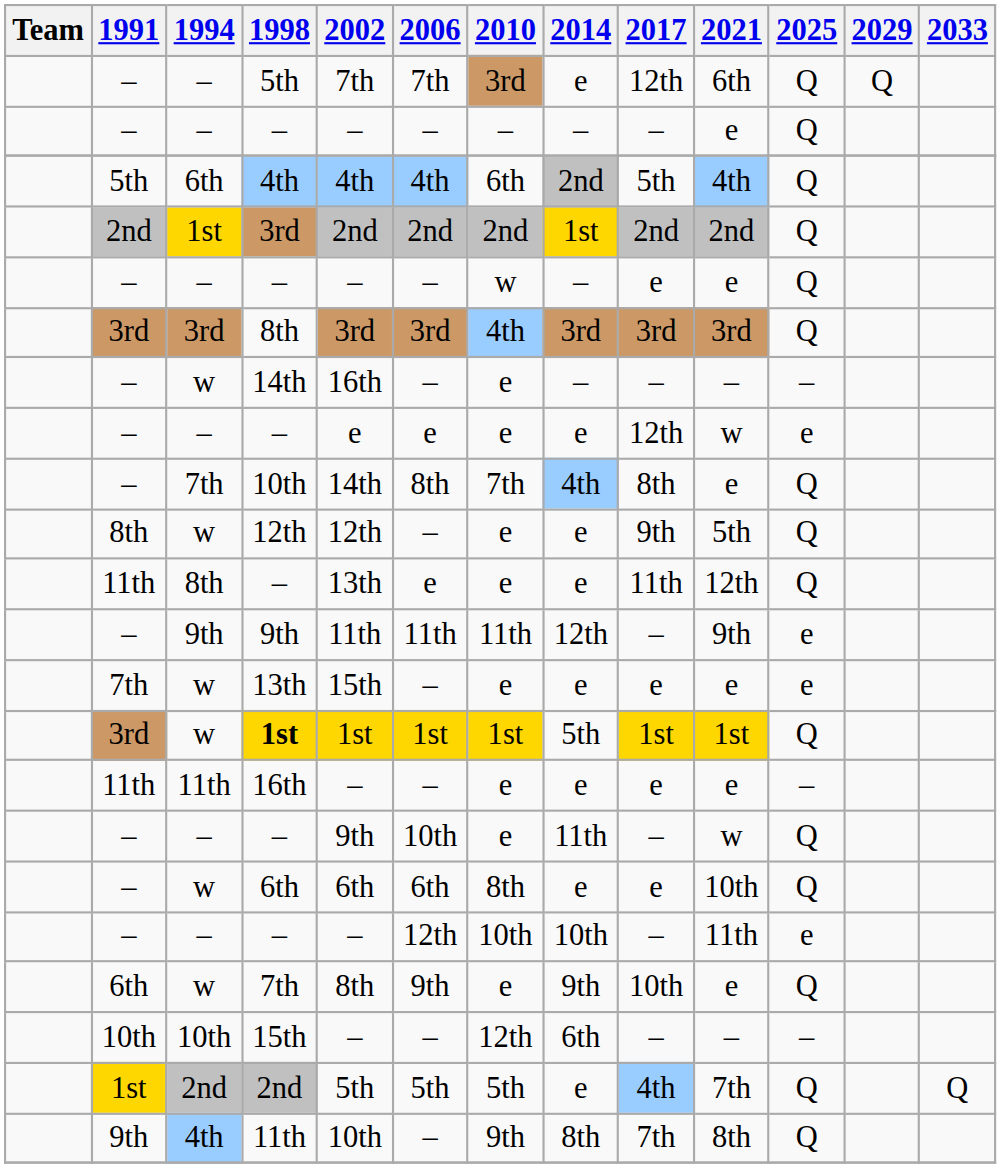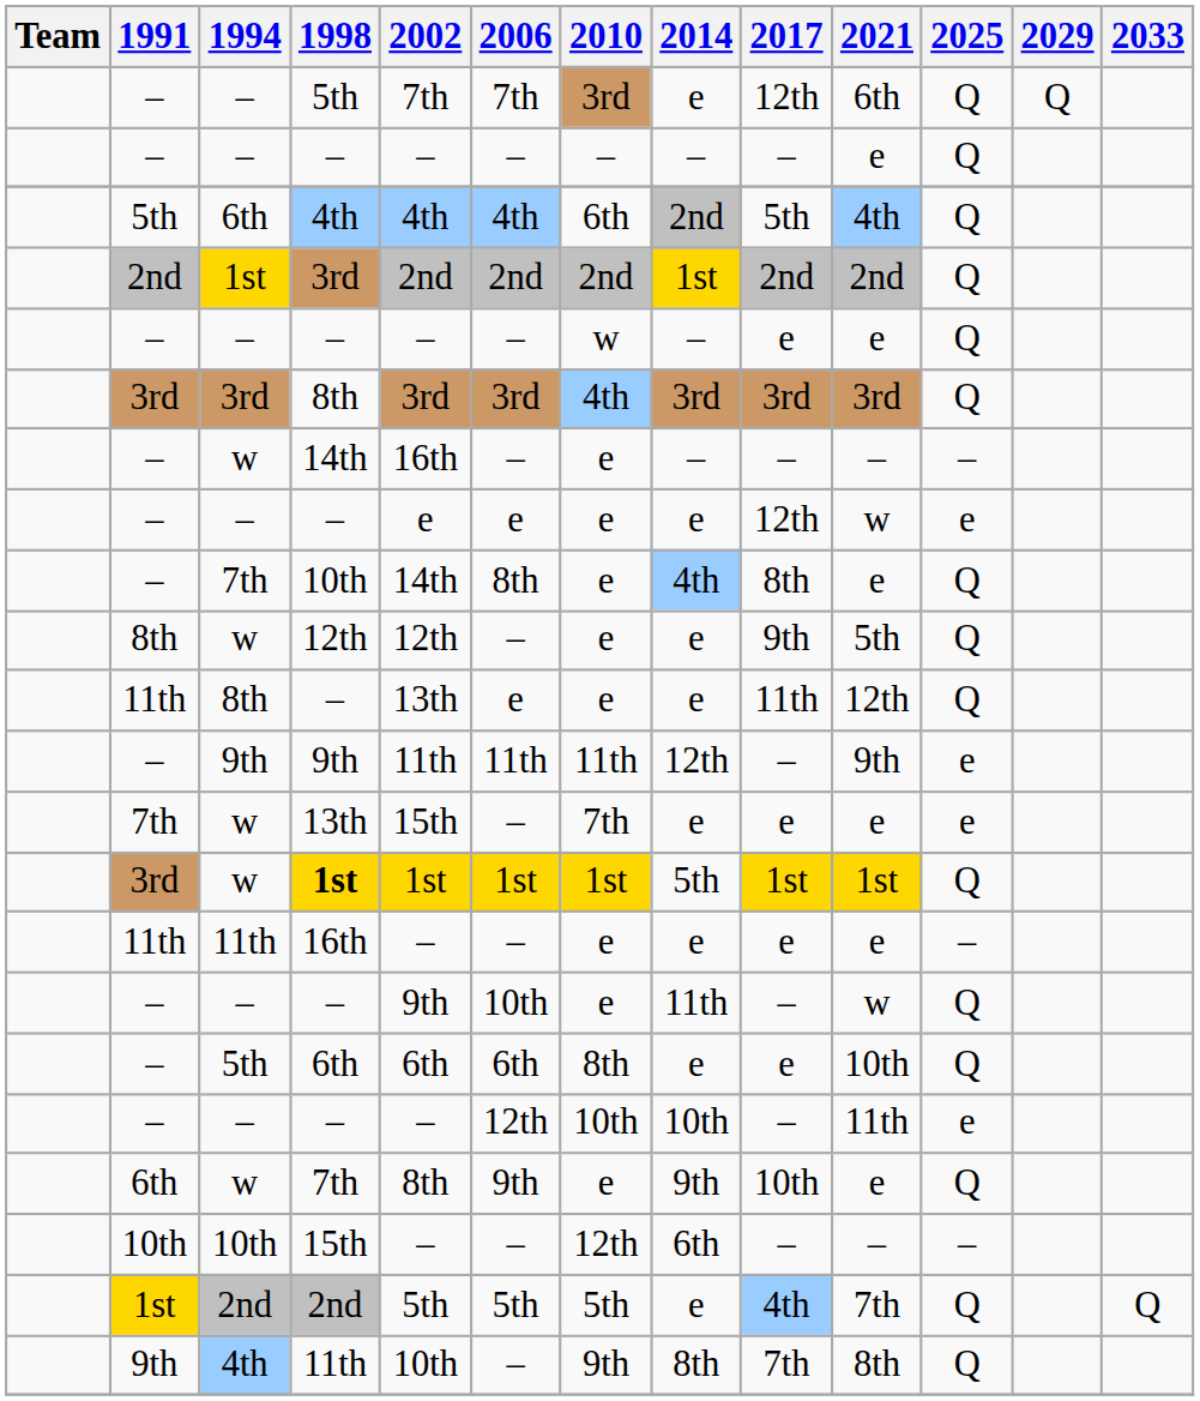 <table class="wikitable sortable" style="font-size:90%; text-align:center">
 <tr>
 <th>Team</th>
 <th><a href='#'>1991</a><br></th>
 <th><a href='#'>1994</a><br></th>
 <th><a href='#'>1998</a><br></th>
 <th><a href='#'>2002</a><br></th>
 <th><a href='#'>2006</a><br></th>
 <th><a href='#'>2010</a><br></th>
 <th><a href='#'>2014</a><br></th>
 <th><a href='#'>2017</a><br></th>
 <th><a href='#'>2021</a><br></th>
 <th><a href='#'>2025</a><br></th>
 <th><a href='#'>2029</a><br></th>
 <th><a href='#'>2033</a><br></th>
 </tr>
 <tr>
 <td align=left></td>
 <td>–</td>
 <td>–</td>
 <td>5th</td>
 <td>7th</td>
 <td>7th</td>
 <td bgcolor=#cc9966>3rd</td>
 <td>e</td>
 <td>12th</td>
 <td>6th</td>
 <td>Q</td>
 <td>Q</td>
 <td></td>
 </tr>
 <tr>
 <td align=left></td>
 <td>–</td>
 <td>–</td>
 <td>–</td>
 <td>–</td>
 <td>–</td>
 <td>–</td>
 <td>–</td>
 <td>–</td>
 <td>e</td>
 <td>Q</td>
 <td></td>
 <td></td>
 </tr>
 <tr>
 </tr>
 <tr>
 <td align=left></td>
 <td>5th</td>
 <td>6th</td>
 <td bgcolor=#9acdff>4th</td>
 <td bgcolor=#9acdff>4th</td>
 <td bgcolor=#9acdff>4th</td>
 <td>6th</td>
 <td bgcolor=silver>2nd</td>
 <td>5th</td>
 <td bgcolor=#9acdff>4th</td>
 <td>Q</td>
 <td></td>
 <td></td>
 </tr>
 <tr>
 <td align=left></td>
 <td bgcolor=silver>2nd</td>
 <td bgcolor=gold>1st</td>
 <td bgcolor=#cc9966>3rd</td>
 <td bgcolor=silver>2nd</td>
 <td bgcolor=silver>2nd</td>
 <td bgcolor=silver>2nd</td>
 <td bgcolor=gold>1st</td>
 <td bgcolor=silver>2nd</td>
 <td bgcolor=silver>2nd</td>
 <td>Q</td>
 <td></td>
 <td></td>
 </tr>
 <tr>
 <td align=left></td>
 <td>–</td>
 <td>–</td>
 <td>–</td>
 <td>–</td>
 <td>–</td>
 <td>w</td>
 <td>–</td>
 <td>e</td>
 <td>e</td>
 <td>Q</td>
 <td></td>
 <td></td>
 </tr>
 <tr>
 <td align=left></td>
 <td bgcolor=#cc9966>3rd</td>
 <td bgcolor=#cc9966>3rd</td>
 <td>8th</td>
 <td bgcolor=#cc9966>3rd</td>
 <td bgcolor=#cc9966>3rd</td>
 <td bgcolor=#9acdff>4th</td>
 <td bgcolor=#cc9966>3rd</td>
 <td bgcolor=#cc9966>3rd</td>
 <td bgcolor=#cc9966>3rd</td>
 <td>Q</td>
 <td></td>
 <td></td>
 </tr>
 <tr>
 <td align=left></td>
 <td>–</td>
 <td>w</td>
 <td>14th</td>
 <td>16th</td>
 <td>–</td>
 <td>e</td>
 <td>–</td>
 <td>–</td>
 <td>–</td>
 <td>–</td>
 <td></td>
 <td></td>
 </tr>
 <tr>
 <td align=left></td>
 <td>–</td>
 <td>–</td>
 <td>–</td>
 <td>e</td>
 <td>e</td>
 <td>e</td>
 <td>e</td>
 <td>12th</td>
 <td>w</td>
 <td>e</td>
 <td></td>
 <td></td>
 </tr>
 <tr>
 <td align=left></td>
 <td>–</td>
 <td>7th</td>
 <td>10th</td>
 <td>14th</td>
 <td>8th</td>
-<td>7th</td>
+<td>e</td>
 <td bgcolor=#9acdff>4th</td>
 <td>8th</td>
 <td>e</td>
 <td>Q</td>
 <td></td>
 <td></td>
 </tr>
 <tr>
 <td align=left></td>
 <td>8th</td>
 <td>w</td>
 <td>12th</td>
 <td>12th</td>
 <td>–</td>
 <td>e</td>
 <td>e</td>
 <td>9th</td>
 <td>5th</td>
 <td>Q</td>
 <td></td>
 <td></td>
 </tr>
 <tr>
 <td align=left></td>
 <td>11th</td>
 <td>8th</td>
 <td>–</td>
 <td>13th</td>
 <td>e</td>
 <td>e</td>
 <td>e</td>
 <td>11th</td>
 <td>12th</td>
 <td>Q</td>
 <td></td>
 <td></td>
 </tr>
 <tr>
 <td align=left></td>
 <td>–</td>
 <td>9th</td>
 <td>9th</td>
 <td>11th</td>
 <td>11th</td>
 <td>11th</td>
 <td>12th</td>
 <td>–</td>
 <td>9th</td>
 <td>e</td>
 <td></td>
 <td></td>
 </tr>
 <tr>
 <td align=left></td>
 <td>7th</td>
 <td>w</td>
 <td>13th</td>
 <td>15th</td>
 <td>–</td>
-<td>e</td>
+<td>7th</td>
 <td>e</td>
 <td>e</td>
 <td>e</td>
 <td>e</td>
 <td></td>
 <td></td>
 </tr>
 <tr>
 <td align=left></td>
 <td bgcolor=#cc9966>3rd</td>
 <td>w</td>
 <td bgcolor=gold><strong>1st</strong></td>
 <td bgcolor=gold>1st</td>
 <td bgcolor=gold>1st</td>
 <td bgcolor=gold>1st</td>
 <td>5th</td>
 <td bgcolor=gold>1st</td>
 <td bgcolor=gold>1st</td>
 <td>Q</td>
 <td></td>
 <td></td>
 </tr>
 <tr>
 <td align=left></td>
 <td>11th</td>
 <td>11th</td>
 <td>16th</td>
 <td>–</td>
 <td>–</td>
 <td>e</td>
 <td>e</td>
 <td>e</td>
 <td>e</td>
 <td>–</td>
 <td></td>
 <td></td>
 </tr>
 <tr>
 <td align=left></td>
 <td>–</td>
 <td>–</td>
 <td>–</td>
 <td>9th</td>
 <td>10th</td>
 <td>e</td>
 <td>11th</td>
 <td>–</td>
 <td>w</td>
 <td>Q</td>
 <td></td>
 <td></td>
 </tr>
 <tr>
 <td align=left></td>
 <td>–</td>
-<td>w</td>
+<td>5th</td>
 <td>6th</td>
 <td>6th</td>
 <td>6th</td>
 <td>8th</td>
 <td>e</td>
 <td>e</td>
 <td>10th</td>
 <td>Q</td>
 <td></td>
 <td></td>
 </tr>
 <tr>
 <td align=left></td>
 <td>–</td>
 <td>–</td>
 <td>–</td>
 <td>–</td>
 <td>12th</td>
 <td>10th</td>
 <td>10th</td>
 <td>–</td>
 <td>11th</td>
 <td>e</td>
 <td></td>
 <td></td>
 </tr>
 <tr>
 <td align=left></td>
 <td>6th</td>
 <td>w</td>
 <td>7th</td>
 <td>8th</td>
 <td>9th</td>
 <td>e</td>
 <td>9th</td>
 <td>10th</td>
 <td>e</td>
 <td>Q</td>
 <td></td>
 <td></td>
 </tr>
 <tr>
 <td align=left></td>
 <td>10th</td>
 <td>10th</td>
 <td>15th</td>
 <td>–</td>
 <td>–</td>
 <td>12th</td>
 <td>6th</td>
 <td>–</td>
 <td>–</td>
 <td>–</td>
 <td></td>
 <td></td>
 </tr>
 <tr>
 <td align=left></td>
 <td bgcolor=gold>1st</td>
 <td bgcolor=silver>2nd</td>
 <td bgcolor=silver>2nd</td>
 <td>5th</td>
 <td>5th</td>
 <td>5th</td>
 <td>e</td>
 <td bgcolor=#9acdff>4th</td>
 <td>7th</td>
 <td>Q</td>
 <td></td>
 <td>Q</td>
 </tr>
 <tr>
 <td align=left></td>
 <td>9th</td>
 <td bgcolor=#9acdff>4th</td>
 <td>11th</td>
 <td>10th</td>
 <td>–</td>
 <td>9th</td>
 <td>8th</td>
 <td>7th</td>
 <td>8th</td>
 <td>Q</td>
 <td></td>
 <td></td>
 </tr>
 <tr>
 </tr>
 </table>
